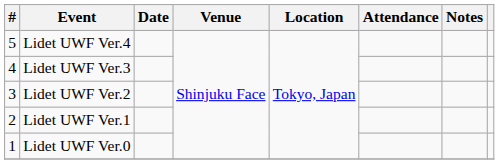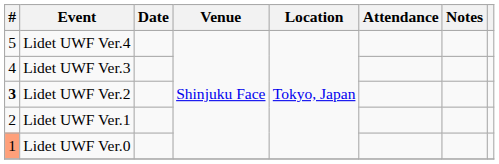 <table id="Other events"  class="sortable wikitable succession-box" style="font-size:90%;">
 <tr>
 <th scope="col">#</th>
 <th scope="col">Event</th>
 <th scope="col">Date</th>
 <th scope="col">Venue</th>
 <th scope="col">Location</th>
 <th scope="col">Attendance</th>
 <th scope="col">Notes</th>
 <th scope="col" class=unsortable></th>
 </tr>
 <tr>
 <td>5</td>
 <td>Lidet UWF Ver.4</td>
 <td></td>
 <td rowspan=5><a href='#'>Shinjuku Face</a></td>
 <td rowspan=5><a href='#'>Tokyo, Japan</a></td>
 <td></td>
 <td></td>
 <td></td>
 </tr>
 <tr>
 <td>4</td>
 <td>Lidet UWF Ver.3</td>
 <td></td>
 <td></td>
 <td></td>
 <td></td>
 </tr>
 <tr>
-<td>3</td>
+<td><strong>3</strong></td>
 <td>Lidet UWF Ver.2</td>
 <td></td>
 <td></td>
 <td></td>
 <td></td>
 </tr>
 <tr>
 <td>2</td>
 <td>Lidet UWF Ver.1</td>
 <td></td>
 <td></td>
 <td></td>
 <td></td>
 </tr>
 <tr>
-<td>1</td>
+<td style="background: lightsalmon;">1</td>
 <td>Lidet UWF Ver.0</td>
 <td></td>
 <td></td>
 <td></td>
 <td></td>
 </tr>
 <tr>
 </tr>
 </table>
